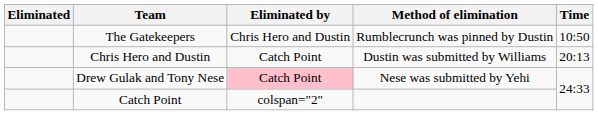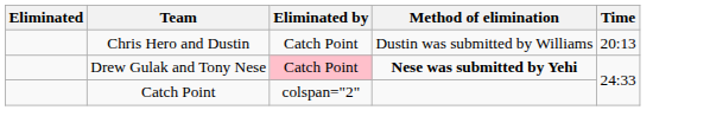 <table class="wikitable sortable" style="text-align:center;">
 <tr>
 <th>Eliminated</th>
 <th>Team</th>
 <th>Eliminated by</th>
 <th>Method of elimination</th>
 <th>Time</th>
-</tr>
-<tr>
-<td></td>
-<td>The Gatekeepers</td>
-<td>Chris Hero and Dustin</td>
-<td>Rumblecrunch was pinned by Dustin</td>
-<td>10:50</td>
 </tr>
 <tr>
 <td></td>
 <td>Chris Hero and Dustin</td>
 <td>Catch Point</td>
 <td>Dustin was submitted by Williams</td>
 <td>20:13</td>
 </tr>
 <tr>
 <td></td>
 <td>Drew Gulak and Tony Nese</td>
 <td style="background: pink;">Catch Point</td>
-<td>Nese was submitted by Yehi</td>
+<td><strong>Nese was submitted by Yehi</strong></td>
 <td rowspan="2">24:33</td>
 </tr>
 <tr>
 <td></td>
 <td>Catch Point</td>
 <td>colspan="2" </td>
 </tr>
 </table>
